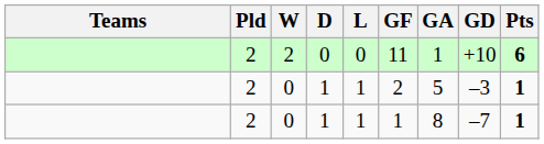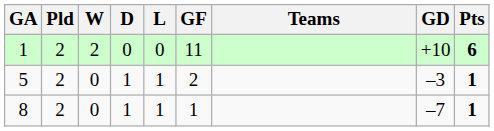 <table class="wikitable" style="text-align: center;">
 <tr>
-<th width=165>Teams</th>
+<th width=20>GA</th>
 <th width=20>Pld</th>
 <th width=20>W</th>
 <th width=20>D</th>
 <th width=20>L</th>
 <th width=20>GF</th>
-<th width=20>GA</th>
+<th width=165>Teams</th>
 <th width=20>GD</th>
 <th width=20>Pts</th>
 </tr>
 <tr align=center style="background:#ccffcc;">
-<td style="text-align:left;"></td>
+<td>1</td>
 <td>2</td>
 <td>2</td>
 <td>0</td>
 <td>0</td>
 <td>11</td>
-<td>1</td>
+<td style="text-align:left;"></td>
 <td>+10</td>
 <td><strong>6</strong></td>
 </tr>
 <tr align=center>
-<td style="text-align:left;"></td>
+<td>5</td>
 <td>2</td>
 <td>0</td>
 <td>1</td>
 <td>1</td>
 <td>2</td>
-<td>5</td>
+<td style="text-align:left;"></td>
 <td>–3</td>
 <td><strong>1</strong></td>
 </tr>
 <tr align=center>
-<td style="text-align:left;"></td>
+<td>8</td>
 <td>2</td>
 <td>0</td>
 <td>1</td>
 <td>1</td>
 <td>1</td>
-<td>8</td>
+<td style="text-align:left;"></td>
 <td>–7</td>
 <td><strong>1</strong></td>
 </tr>
 </table>
